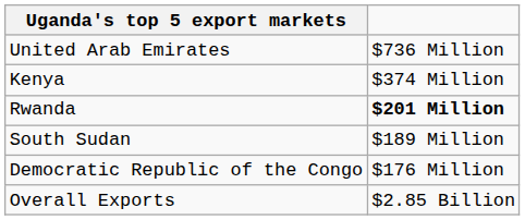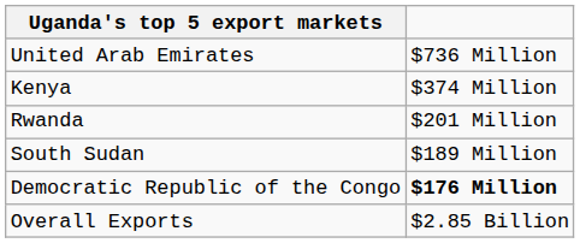 <table class="wikitable">
 <tr>
 <th>Uganda's top 5 export markets</th>
 </tr>
 <tr>
 <td>United Arab Emirates</td>
 <td>$736 Million</td>
 </tr>
 <tr>
 <td>Kenya</td>
 <td>$374 Million</td>
 </tr>
 <tr>
 <td>Rwanda</td>
-<td><strong>$201 Million</strong></td>
+<td>$201 Million</td>
 </tr>
 <tr>
 <td>South Sudan</td>
 <td>$189 Million</td>
 </tr>
 <tr>
 <td>Democratic Republic of the Congo</td>
-<td>$176 Million</td>
+<td><strong>$176 Million</strong></td>
 </tr>
 <tr>
 <td>Overall Exports</td>
 <td>$2.85 Billion</td>
 </tr>
 </table>
